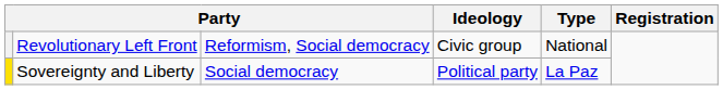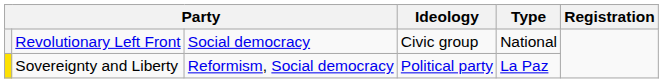 <table class="wikitable" style="font-size:95%">
 <tr>
 <th colspan="3">Party</th>
 <th>Ideology</th>
 <th>Type</th>
 <th>Registration</th>
 </tr>
 <tr>
 <th style="background-color:"></th>
 <td><a href='#'>Revolutionary Left Front</a></td>
-<td><a href='#'>Reformism</a>, <a href='#'>Social democracy</a></td>
+<td><a href='#'>Social democracy</a></td>
 <td>Civic group</td>
 <td>National</td>
 </tr>
 <tr>
 <th style="background-color:#FDE102"></th>
 <td>Sovereignty and Liberty</td>
-<td><a href='#'>Social democracy</a></td>
+<td><a href='#'>Reformism</a>, <a href='#'>Social democracy</a></td>
 <td><a href='#'>Political party</a></td>
 <td><a href='#'>La Paz</a></td>
 </tr>
 </table>
